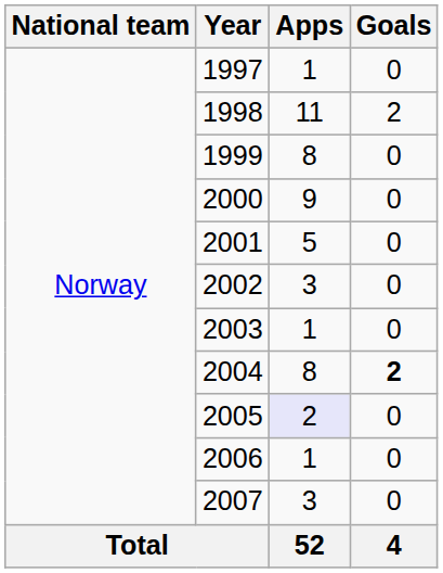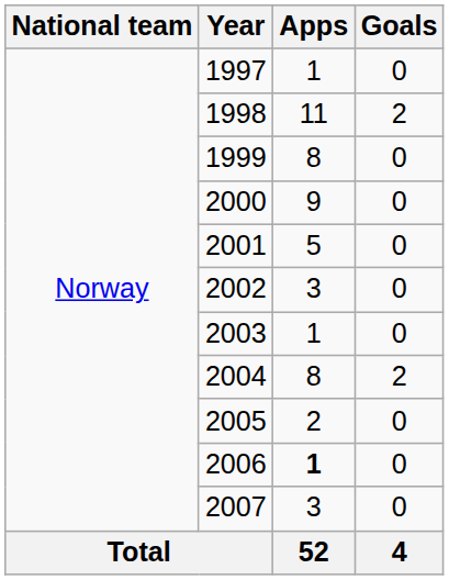 <table class="wikitable" style="text-align:center">
 <tr>
 <th>National team</th>
 <th>Year</th>
 <th>Apps</th>
 <th>Goals</th>
 </tr>
 <tr>
 <td rowspan="11"><a href='#'>Norway</a></td>
 <td>1997</td>
 <td>1</td>
 <td>0</td>
 </tr>
 <tr>
 <td>1998</td>
 <td>11</td>
 <td>2</td>
 </tr>
 <tr>
 <td>1999</td>
 <td>8</td>
 <td>0</td>
 </tr>
 <tr>
 <td>2000</td>
 <td>9</td>
 <td>0</td>
 </tr>
 <tr>
 <td>2001</td>
 <td>5</td>
 <td>0</td>
 </tr>
 <tr>
 <td>2002</td>
 <td>3</td>
 <td>0</td>
 </tr>
 <tr>
 <td>2003</td>
 <td>1</td>
 <td>0</td>
 </tr>
 <tr>
 <td>2004</td>
 <td>8</td>
-<td><strong>2</strong></td>
+<td>2</td>
 </tr>
 <tr>
 <td>2005</td>
-<td style="background: lavender;">2</td>
+<td>2</td>
 <td>0</td>
 </tr>
 <tr>
 <td>2006</td>
-<td>1</td>
+<td><strong>1</strong></td>
 <td>0</td>
 </tr>
 <tr>
 <td>2007</td>
 <td>3</td>
 <td>0</td>
 </tr>
 <tr>
 <th colspan="2">Total</th>
 <th>52</th>
 <th>4</th>
 </tr>
 </table>
